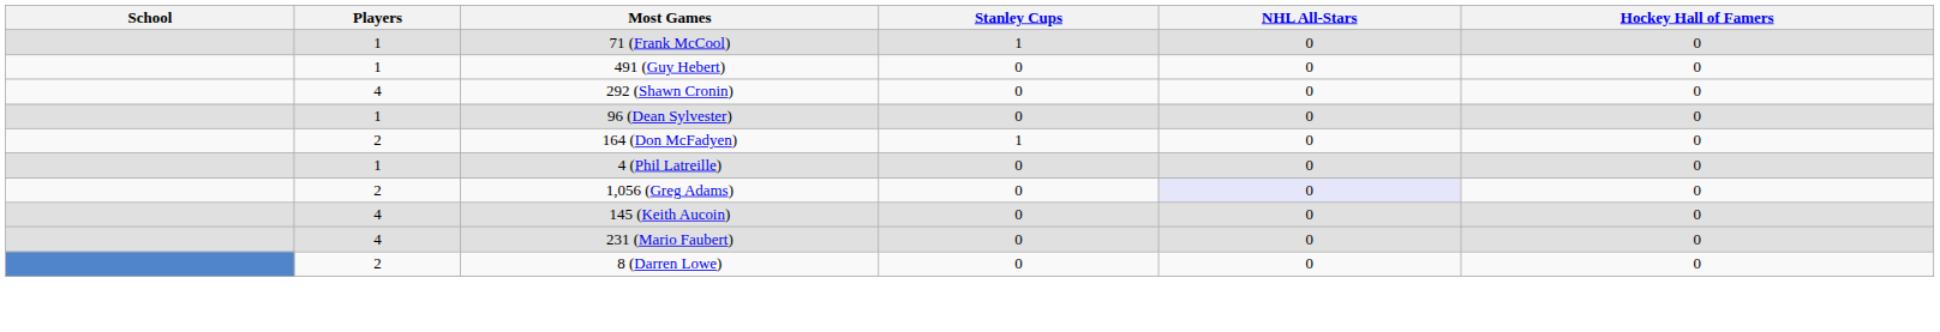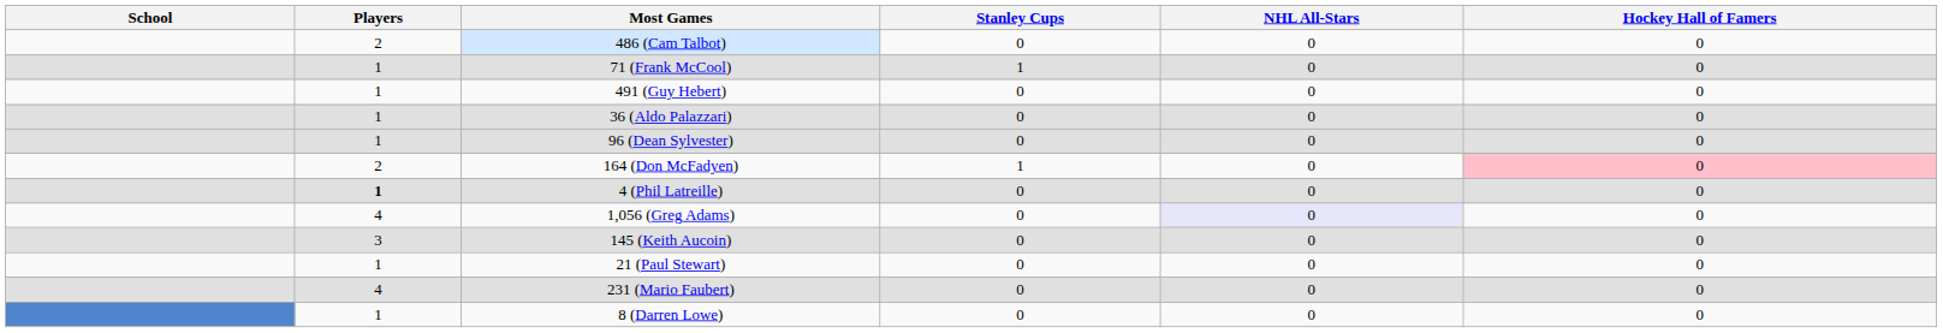 <table class="sortable wikitable" width =100%>
 <tr>
 <th width="15%">School</th>
 <th>Players</th>
 <th>Most Games</th>
 <th><a href='#'>Stanley Cups</a></th>
 <th><a href='#'>NHL All-Stars</a></th>
 <th><a href='#'>Hockey Hall of Famers</a></th>
+</tr>
+<tr align=center>
+<td><strong><a href='#'></a></strong></td>
+<td>2</td>
+<td bgcolor=D0E7FF>486 (<a href='#'>Cam Talbot</a>)</td>
+<td>0</td>
+<td>0</td>
+<td>0</td>
 </tr>
 <tr align=center bgcolor=e0e0e0>
 <td><strong><a href='#'></a></strong></td>
 <td>1</td>
 <td>71 (<a href='#'>Frank McCool</a>)</td>
 <td>1</td>
 <td>0</td>
 <td>0</td>
 </tr>
 <tr align=center>
 <td><strong><a href='#'></a></strong></td>
 <td>1</td>
 <td>491 (<a href='#'>Guy Hebert</a>)</td>
 <td>0</td>
 <td>0</td>
 <td>0</td>
 </tr>
-<tr align=center>
+<tr align=center bgcolor=e0e0e0>
 <td><strong><a href='#'></a></strong></td>
-<td>4</td>
-<td>292 (<a href='#'>Shawn Cronin</a>)</td>
+<td>1</td>
+<td>36 (<a href='#'>Aldo Palazzari</a>)</td>
 <td>0</td>
 <td>0</td>
 <td>0</td>
 </tr>
 <tr align=center bgcolor=e0e0e0>
 <td><strong><a href='#'></a></strong></td>
 <td>1</td>
 <td>96 (<a href='#'>Dean Sylvester</a>)</td>
 <td>0</td>
 <td>0</td>
 <td>0</td>
 </tr>
 <tr align=center>
 <td><strong><a href='#'></a></strong></td>
 <td>2</td>
 <td>164 (<a href='#'>Don McFadyen</a>)</td>
 <td>1</td>
 <td>0</td>
-<td>0</td>
+<td style="background: pink;">0</td>
 </tr>
 <tr align=center bgcolor=e0e0e0>
 <td><strong><a href='#'></a></strong></td>
-<td>1</td>
+<td><strong>1</strong></td>
 <td>4 (<a href='#'>Phil Latreille</a>)</td>
 <td>0</td>
 <td>0</td>
 <td>0</td>
 </tr>
 <tr align=center>
 <td><strong><a href='#'></a></strong></td>
-<td>2</td>
+<td>4</td>
 <td>1,056 (<a href='#'>Greg Adams</a>)</td>
 <td>0</td>
 <td style="background: lavender;">0</td>
 <td>0</td>
 </tr>
 <tr align=center bgcolor=e0e0e0>
 <td><strong><a href='#'></a></strong></td>
-<td>4</td>
+<td>3</td>
 <td>145 (<a href='#'>Keith Aucoin</a>)</td>
+<td>0</td>
+<td>0</td>
+<td>0</td>
+</tr>
+<tr align=center>
+<td><strong><a href='#'></a></strong></td>
+<td>1</td>
+<td>21 (<a href='#'>Paul Stewart</a>)</td>
 <td>0</td>
 <td>0</td>
 <td>0</td>
 </tr>
 <tr align=center bgcolor=e0e0e0>
 <td><strong><a href='#'></a></strong></td>
 <td>4</td>
 <td>231 (<a href='#'>Mario Faubert</a>)</td>
 <td>0</td>
 <td>0</td>
 <td>0</td>
 </tr>
 <tr align=center>
 <td style="color:white; background:#5084CB; "><strong><a href='#'></a></strong></td>
-<td>2</td>
+<td>1</td>
 <td>8 (<a href='#'>Darren Lowe</a>)</td>
 <td>0</td>
 <td>0</td>
 <td>0</td>
 </tr>
 </table>
